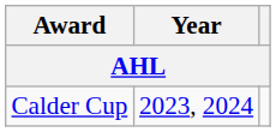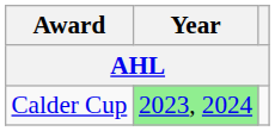 <table class="wikitable">
 <tr>
 <th>Award</th>
 <th>Year</th>
 <th></th>
 </tr>
 <tr>
 <th colspan="3"><a href='#'>AHL</a></th>
 </tr>
 <tr>
 <td><a href='#'>Calder Cup</a></td>
-<td><a href='#'>2023</a>, <a href='#'>2024</a></td>
+<td style="background: lightgreen;"><a href='#'>2023</a>, <a href='#'>2024</a></td>
 <td></td>
 </tr>
 </table>
